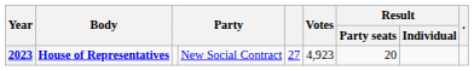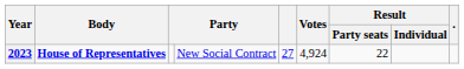 <table class="wikitable plainrowheaders sortable" border=2 cellpadding=4 cellspacing=0 style="border: 1px #aaa solid; font-size: 90%; text-align:center;">
 <tr>
 <th scope="col" rowspan=2>Year</th>
 <th scope="col" rowspan=2>Body</th>
 <th scope="col" colspan=2 rowspan=2>Party</th>
 <th scope="col" rowspan=2></th>
 <th scope="col" rowspan=2>Votes</th>
 <th scope="colgroup" colspan=2>Result</th>
 <th scope="col" rowspan=2 class="unsortable">.</th>
 </tr>
 <tr>
 <th scope="col">Party seats</th>
 <th scope="col">Individual</th>
 </tr>
 <tr>
 <th scope="row"><a href='#'>2023</a></th>
 <td><strong><a href='#'>House of Representatives</a></strong></td>
 <td style="background-color:"></td>
 <td><a href='#'>New Social Contract</a></td>
 <td style=text-align:right><a href='#'>27</a></td>
-<td style=text-align:right>4,923</td>
-<td style=text-align:right>20</td>
+<td style=text-align:right>4,924</td>
+<td style=text-align:right>22</td>
 <td></td>
 <td></td>
 </tr>
 </table>
